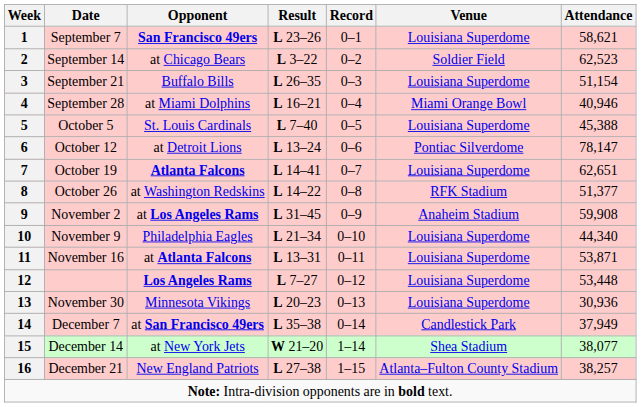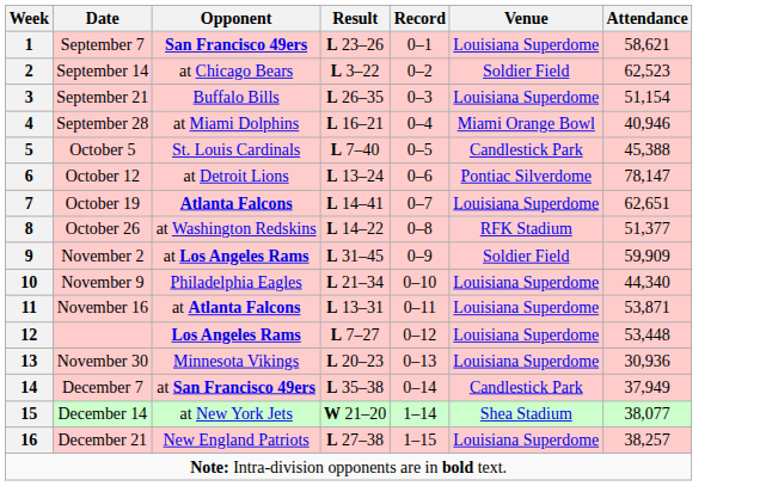 <table class="wikitable" style="text-align:center">
 <tr>
 <th>Week</th>
 <th>Date</th>
 <th>Opponent</th>
 <th>Result</th>
 <th>Record</th>
 <th>Venue</th>
 <th>Attendance</th>
 </tr>
 <tr style="background:#fcc">
 <th>1</th>
 <td>September 7</td>
 <td><strong><a href='#'>San Francisco 49ers</a></strong></td>
 <td><strong>L</strong> 23–26</td>
 <td>0–1</td>
 <td><a href='#'>Louisiana Superdome</a></td>
 <td>58,621</td>
 </tr>
 <tr style="background:#fcc">
 <th>2</th>
 <td>September 14</td>
 <td>at <a href='#'>Chicago Bears</a></td>
 <td><strong>L</strong> 3–22</td>
 <td>0–2</td>
 <td><a href='#'>Soldier Field</a></td>
 <td>62,523</td>
 </tr>
 <tr style="background:#fcc">
 <th>3</th>
 <td>September 21</td>
 <td><a href='#'>Buffalo Bills</a></td>
 <td><strong>L</strong> 26–35</td>
 <td>0–3</td>
 <td><a href='#'>Louisiana Superdome</a></td>
 <td>51,154</td>
 </tr>
 <tr style="background:#fcc">
 <th>4</th>
 <td>September 28</td>
 <td>at <a href='#'>Miami Dolphins</a></td>
 <td><strong>L</strong> 16–21</td>
 <td>0–4</td>
 <td><a href='#'>Miami Orange Bowl</a></td>
 <td>40,946</td>
 </tr>
 <tr style="background:#fcc">
 <th>5</th>
 <td>October 5</td>
 <td><a href='#'>St. Louis Cardinals</a></td>
 <td><strong>L</strong> 7–40</td>
 <td>0–5</td>
-<td><a href='#'>Louisiana Superdome</a></td>
+<td><a href='#'>Candlestick Park</a></td>
 <td>45,388</td>
 </tr>
 <tr style="background:#fcc">
 <th>6</th>
 <td>October 12</td>
 <td>at <a href='#'>Detroit Lions</a></td>
 <td><strong>L</strong> 13–24</td>
 <td>0–6</td>
 <td><a href='#'>Pontiac Silverdome</a></td>
 <td>78,147</td>
 </tr>
 <tr style="background:#fcc">
 <th>7</th>
 <td>October 19</td>
 <td><strong><a href='#'>Atlanta Falcons</a></strong></td>
 <td><strong>L</strong> 14–41</td>
 <td>0–7</td>
 <td><a href='#'>Louisiana Superdome</a></td>
 <td>62,651</td>
 </tr>
 <tr style="background:#fcc">
 <th>8</th>
 <td>October 26</td>
 <td>at <a href='#'>Washington Redskins</a></td>
 <td><strong>L</strong> 14–22</td>
 <td>0–8</td>
 <td><a href='#'>RFK Stadium</a></td>
 <td>51,377</td>
 </tr>
 <tr style="background:#fcc">
 <th>9</th>
 <td>November 2</td>
 <td>at <strong><a href='#'>Los Angeles Rams</a></strong></td>
 <td><strong>L</strong> 31–45</td>
 <td>0–9</td>
-<td><a href='#'>Anaheim Stadium</a></td>
-<td>59,908</td>
+<td><a href='#'>Soldier Field</a></td>
+<td>59,909</td>
 </tr>
 <tr style="background:#fcc">
 <th>10</th>
 <td>November 9</td>
 <td><a href='#'>Philadelphia Eagles</a></td>
 <td><strong>L</strong> 21–34</td>
 <td>0–10</td>
 <td><a href='#'>Louisiana Superdome</a></td>
 <td>44,340</td>
 </tr>
 <tr style="background:#fcc">
 <th>11</th>
 <td>November 16</td>
 <td>at <strong><a href='#'>Atlanta Falcons</a></strong></td>
 <td><strong>L</strong> 13–31</td>
 <td>0–11</td>
 <td><a href='#'>Louisiana Superdome</a></td>
 <td>53,871</td>
 </tr>
 <tr style="background:#fcc">
 <th>12</th>
 <td></td>
 <td><strong><a href='#'>Los Angeles Rams</a></strong></td>
 <td><strong>L</strong> 7–27</td>
 <td>0–12</td>
 <td><a href='#'>Louisiana Superdome</a></td>
 <td>53,448</td>
 </tr>
 <tr style="background:#fcc">
 <th>13</th>
 <td>November 30</td>
 <td><a href='#'>Minnesota Vikings</a></td>
 <td><strong>L</strong> 20–23</td>
 <td>0–13</td>
 <td><a href='#'>Louisiana Superdome</a></td>
 <td>30,936</td>
 </tr>
 <tr style="background:#fcc">
 <th>14</th>
 <td>December 7</td>
 <td>at <strong><a href='#'>San Francisco 49ers</a></strong></td>
 <td><strong>L</strong> 35–38 </td>
 <td>0–14</td>
 <td><a href='#'>Candlestick Park</a></td>
 <td>37,949</td>
 </tr>
 <tr style="background:#cfc">
 <th>15</th>
 <td>December 14</td>
 <td>at <a href='#'>New York Jets</a></td>
 <td><strong>W</strong> 21–20</td>
 <td>1–14</td>
 <td><a href='#'>Shea Stadium</a></td>
 <td>38,077</td>
 </tr>
 <tr style="background:#fcc">
 <th>16</th>
 <td>December 21</td>
 <td><a href='#'>New England Patriots</a></td>
 <td><strong>L</strong> 27–38</td>
 <td>1–15</td>
-<td><a href='#'>Atlanta–Fulton County Stadium</a></td>
+<td><a href='#'>Louisiana Superdome</a></td>
 <td>38,257</td>
 </tr>
 <tr>
 <td colspan="7"><strong>Note:</strong> Intra-division opponents are in <strong>bold</strong> text.</td>
 </tr>
 </table>
